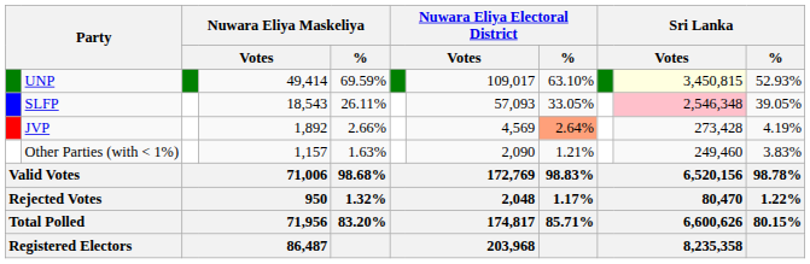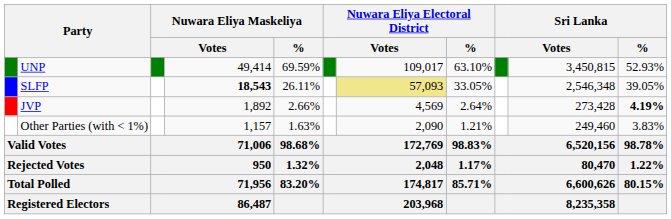 <table class="wikitable">
 <tr>
 <th colspan="2" width="144px"rowspan="2">Party</th>
 <th colspan="3" width="216px">Nuwara Eliya Maskeliya</th>
 <th colspan="3" width="216px"><a href='#'>Nuwara Eliya Electoral District</a></th>
 <th colspan="3" width="216px">Sri Lanka</th>
 </tr>
 <tr>
 <th colspan="2" width="144px">Votes</th>
 <th>%</th>
 <th colspan="2" width="144px">Votes</th>
 <th>%</th>
 <th colspan="2" width="144px">Votes</th>
 <th>%</th>
 </tr>
 <tr>
 <td style="background-color:green;" width="10px"></td>
 <td style="text-align:left;"><a href='#'>UNP</a></td>
 <td style="background-color:green;" width="10px"></td>
 <td style="text-align:right;">49,414</td>
 <td style="text-align:right;">69.59%</td>
 <td style="background-color:green;" width="10px"></td>
 <td style="text-align:right;">109,017</td>
 <td style="text-align:right;">63.10%</td>
 <td style="background-color:green;" width="10px"></td>
-<td style="background: lightyellow; text-align:right;">3,450,815</td>
+<td style="text-align:right;">3,450,815</td>
 <td style="text-align:right;">52.93%</td>
 </tr>
 <tr>
 <td style="background-color:blue;" width="10px"></td>
 <td style="text-align:left;"><a href='#'>SLFP</a></td>
 <td style="background-color:white;" width="10px"></td>
-<td style="text-align:right;">18,543</td>
+<td style="text-align:right;"><strong>18,543</strong></td>
 <td style="text-align:right;">26.11%</td>
 <td style="background-color:white;" width="10px"></td>
-<td style="text-align:right;">57,093</td>
+<td style="background: khaki; text-align:right;">57,093</td>
 <td style="text-align:right;">33.05%</td>
 <td style="background-color:white;" width="10px"></td>
-<td style="background: pink; text-align:right;">2,546,348</td>
+<td style="text-align:right;">2,546,348</td>
 <td style="text-align:right;">39.05%</td>
 </tr>
 <tr>
 <td style="background-color:red;" width="10px"></td>
 <td style="text-align:left;"><a href='#'>JVP</a></td>
 <td style="background-color:white;" width="10px"></td>
 <td style="text-align:right;">1,892</td>
 <td style="text-align:right;">2.66%</td>
 <td style="background-color:white;" width="10px"></td>
 <td style="text-align:right;">4,569</td>
-<td style="background: lightsalmon; text-align:right;">2.64%</td>
+<td style="text-align:right;">2.64%</td>
 <td style="background-color:white;" width="10px"></td>
 <td style="text-align:right;">273,428</td>
-<td style="text-align:right;">4.19%</td>
+<td style="text-align:right;"><strong>4.19%</strong></td>
 </tr>
 <tr>
 <td style="background-color:white;" width="10px"></td>
 <td style="text-align:left;">Other Parties (with < 1%)</td>
 <td style="background-color:white;" width="10px"></td>
 <td style="text-align:right;">1,157</td>
 <td style="text-align:right;">1.63%</td>
 <td style="background-color:white;" width="10px"></td>
 <td style="text-align:right;">2,090</td>
 <td style="text-align:right;">1.21%</td>
 <td style="background-color:white;" width="10px"></td>
 <td style="text-align:right;">249,460</td>
 <td style="text-align:right;">3.83%</td>
 </tr>
 <tr>
 <th colspan="2" width="144px"style="text-align:left;">Valid Votes</th>
 <th style="text-align:right;"colspan="2" width="144px">71,006</th>
 <th style="text-align:right;">98.68%</th>
 <th style="text-align:right;"colspan="2" width="144px">172,769</th>
 <th style="text-align:right;">98.83%</th>
 <th style="text-align:right;"colspan="2" width="144px">6,520,156</th>
 <th style="text-align:right;">98.78%</th>
 </tr>
 <tr>
 <th colspan="2" width="144px"style="text-align:left;">Rejected Votes</th>
 <th style="text-align:right;"colspan="2" width="144px">950</th>
 <th style="text-align:right;">1.32%</th>
 <th style="text-align:right;"colspan="2" width="144px">2,048</th>
 <th style="text-align:right;">1.17%</th>
 <th style="text-align:right;"colspan="2" width="144px">80,470</th>
 <th style="text-align:right;">1.22%</th>
 </tr>
 <tr>
 <th colspan="2" width="144px"style="text-align:left;">Total Polled</th>
 <th style="text-align:right;"colspan="2" width="144px">71,956</th>
 <th style="text-align:right;">83.20%</th>
 <th style="text-align:right;"colspan="2" width="144px">174,817</th>
 <th style="text-align:right;">85.71%</th>
 <th style="text-align:right;"colspan="2" width="144px">6,600,626</th>
 <th style="text-align:right;">80.15%</th>
 </tr>
 <tr>
 <th colspan="2" width="144px"style="text-align:left;">Registered Electors</th>
 <th style="text-align:right;"colspan="2" width="144px">86,487</th>
 <th></th>
 <th style="text-align:right;"colspan="2" width="144px">203,968</th>
 <th></th>
 <th style="text-align:right;"colspan="2" width="144px">8,235,358</th>
 <th></th>
 </tr>
 </table>
